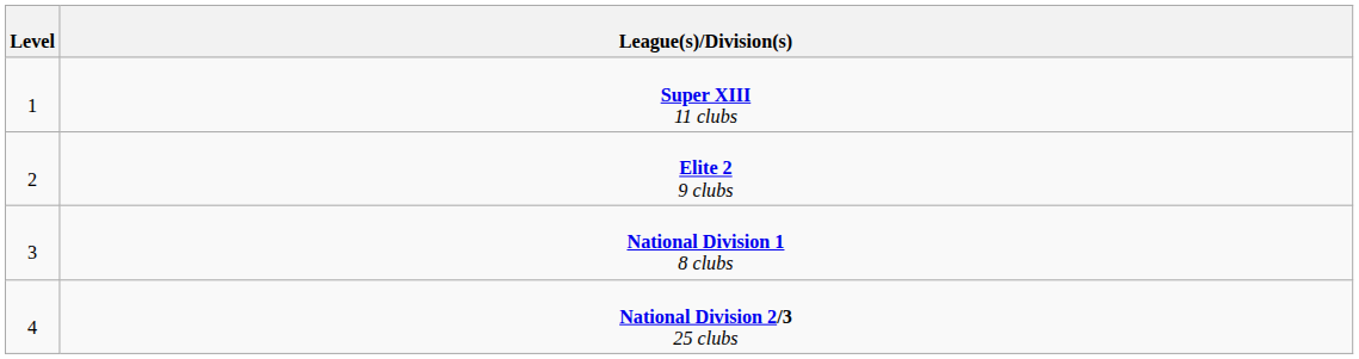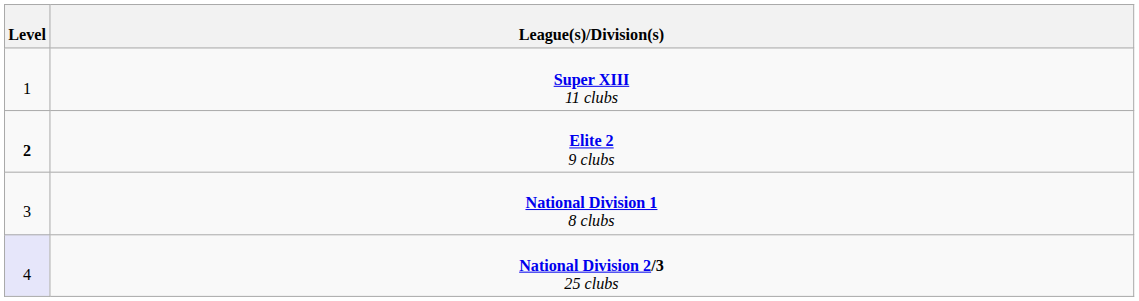 <table class="wikitable" style="text-align: center;">
 <tr>
 <th colspan="1" width="4%"><br>Level</th>
 <th colspan="6" width="96%"><br>League(s)/Division(s)</th>
 </tr>
 <tr>
 <td colspan="1" width="4%"><br>1</td>
 <td colspan="6" width="96%"><br><strong><a href='#'>Super XIII</a></strong><br> <em>11 clubs</em></td>
 </tr>
 <tr>
-<td colspan="1" width="4%"><br>2</td>
+<td colspan="1" width="4%"><strong><br>2</strong></td>
 <td colspan="6" width="96%"><br><strong><a href='#'>Elite 2</a></strong><br> <em>9 clubs</em></td>
 </tr>
 <tr>
 <td colspan="1" width="4%"><br>3</td>
 <td colspan="6" width="96%"><br><strong><a href='#'>National Division 1</a></strong><br> <em>8 clubs</em></td>
 </tr>
 <tr>
-<td colspan="1" width="4%"><br>4</td>
+<td colspan="1" width="4%" style="background: lavender;"><br>4</td>
 <td colspan="6" width="96%"><br><strong><a href='#'>National Division 2</a>/3</strong> <br><em>25 clubs</em></td>
 </tr>
 </table>
